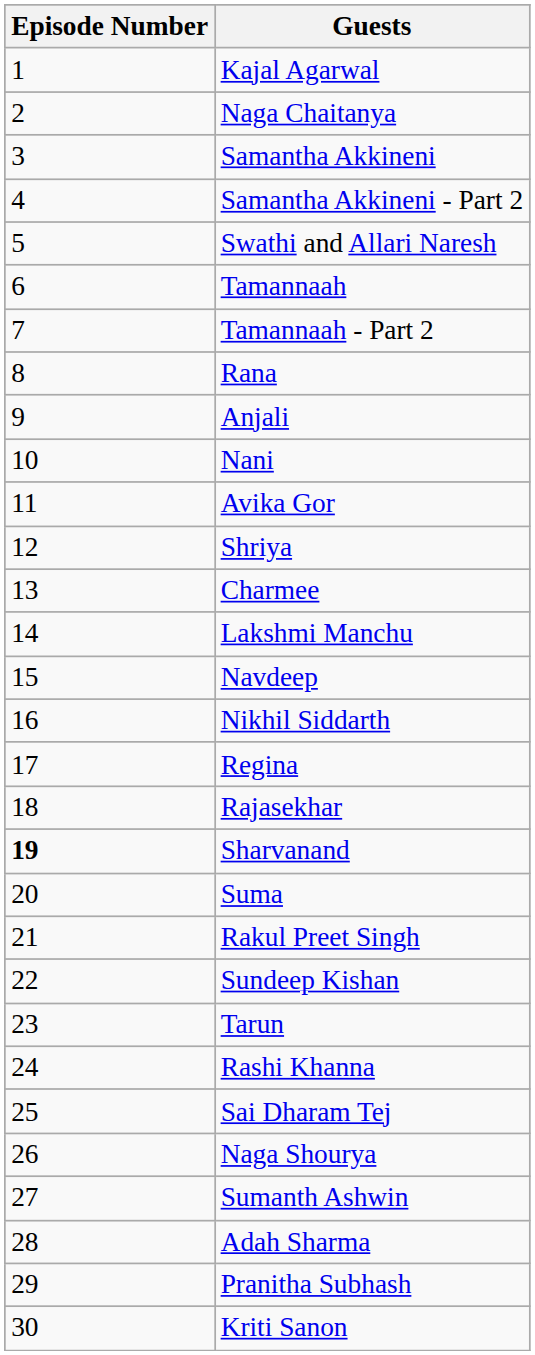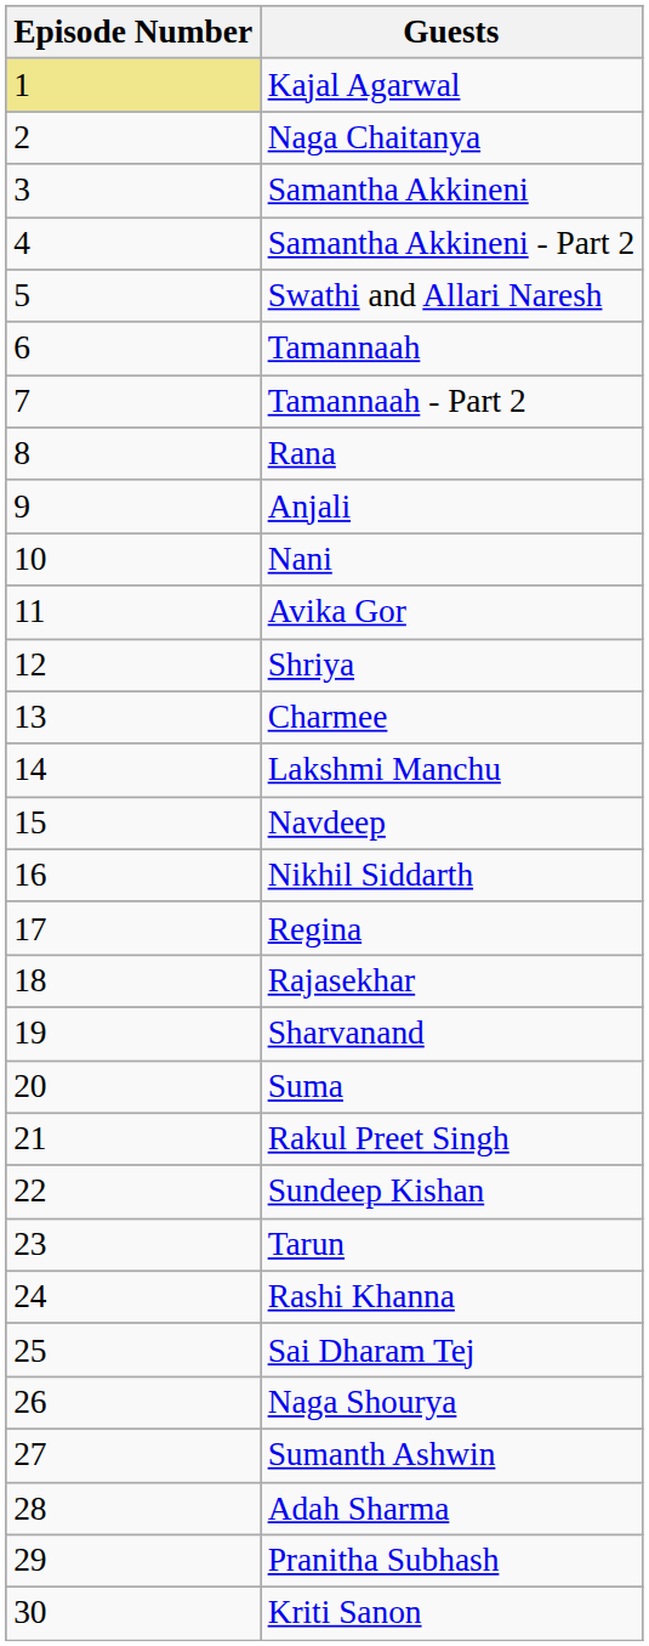 <table class="wikitable">
 <tr>
 <th>Episode Number</th>
 <th>Guests</th>
 </tr>
 <tr>
-<td>1</td>
+<td style="background: khaki;">1</td>
 <td><a href='#'>Kajal Agarwal</a></td>
 </tr>
 <tr>
 <td>2</td>
 <td><a href='#'>Naga Chaitanya</a></td>
 </tr>
 <tr>
 <td>3</td>
 <td><a href='#'>Samantha Akkineni</a></td>
 </tr>
 <tr>
 <td>4</td>
 <td><a href='#'>Samantha Akkineni</a> - Part 2</td>
 </tr>
 <tr>
 <td>5</td>
 <td><a href='#'>Swathi</a> and <a href='#'>Allari Naresh</a></td>
 </tr>
 <tr>
 <td>6</td>
 <td><a href='#'>Tamannaah</a></td>
 </tr>
 <tr>
 <td>7</td>
 <td><a href='#'>Tamannaah</a> - Part 2</td>
 </tr>
 <tr>
 <td>8</td>
 <td><a href='#'>Rana</a></td>
 </tr>
 <tr>
 <td>9</td>
 <td><a href='#'>Anjali</a></td>
 </tr>
 <tr>
 <td>10</td>
 <td><a href='#'>Nani</a></td>
 </tr>
 <tr>
 <td>11</td>
 <td><a href='#'>Avika Gor</a></td>
 </tr>
 <tr>
 <td>12</td>
 <td><a href='#'>Shriya</a></td>
 </tr>
 <tr>
 <td>13</td>
 <td><a href='#'>Charmee</a></td>
 </tr>
 <tr>
 <td>14</td>
 <td><a href='#'>Lakshmi Manchu</a></td>
 </tr>
 <tr>
 <td>15</td>
 <td><a href='#'>Navdeep</a></td>
 </tr>
 <tr>
 <td>16</td>
 <td><a href='#'>Nikhil Siddarth</a></td>
 </tr>
 <tr>
 <td>17</td>
 <td><a href='#'>Regina</a></td>
 </tr>
 <tr>
 <td>18</td>
 <td><a href='#'>Rajasekhar</a></td>
 </tr>
 <tr>
-<td><strong>19</strong></td>
+<td>19</td>
 <td><a href='#'>Sharvanand</a></td>
 </tr>
 <tr>
 <td>20</td>
 <td><a href='#'>Suma</a></td>
 </tr>
 <tr>
 <td>21</td>
 <td><a href='#'>Rakul Preet Singh</a></td>
 </tr>
 <tr>
 <td>22</td>
 <td><a href='#'>Sundeep Kishan</a></td>
 </tr>
 <tr>
 <td>23</td>
 <td><a href='#'>Tarun</a></td>
 </tr>
 <tr>
 <td>24</td>
 <td><a href='#'>Rashi Khanna</a></td>
 </tr>
 <tr>
 <td>25</td>
 <td><a href='#'>Sai Dharam Tej</a></td>
 </tr>
 <tr>
 <td>26</td>
 <td><a href='#'>Naga Shourya</a></td>
 </tr>
 <tr>
 <td>27</td>
 <td><a href='#'>Sumanth Ashwin</a></td>
 </tr>
 <tr>
 <td>28</td>
 <td><a href='#'>Adah Sharma</a></td>
 </tr>
 <tr>
 <td>29</td>
 <td><a href='#'>Pranitha Subhash</a></td>
 </tr>
 <tr>
 <td>30</td>
 <td><a href='#'>Kriti Sanon</a></td>
 </tr>
 </table>
